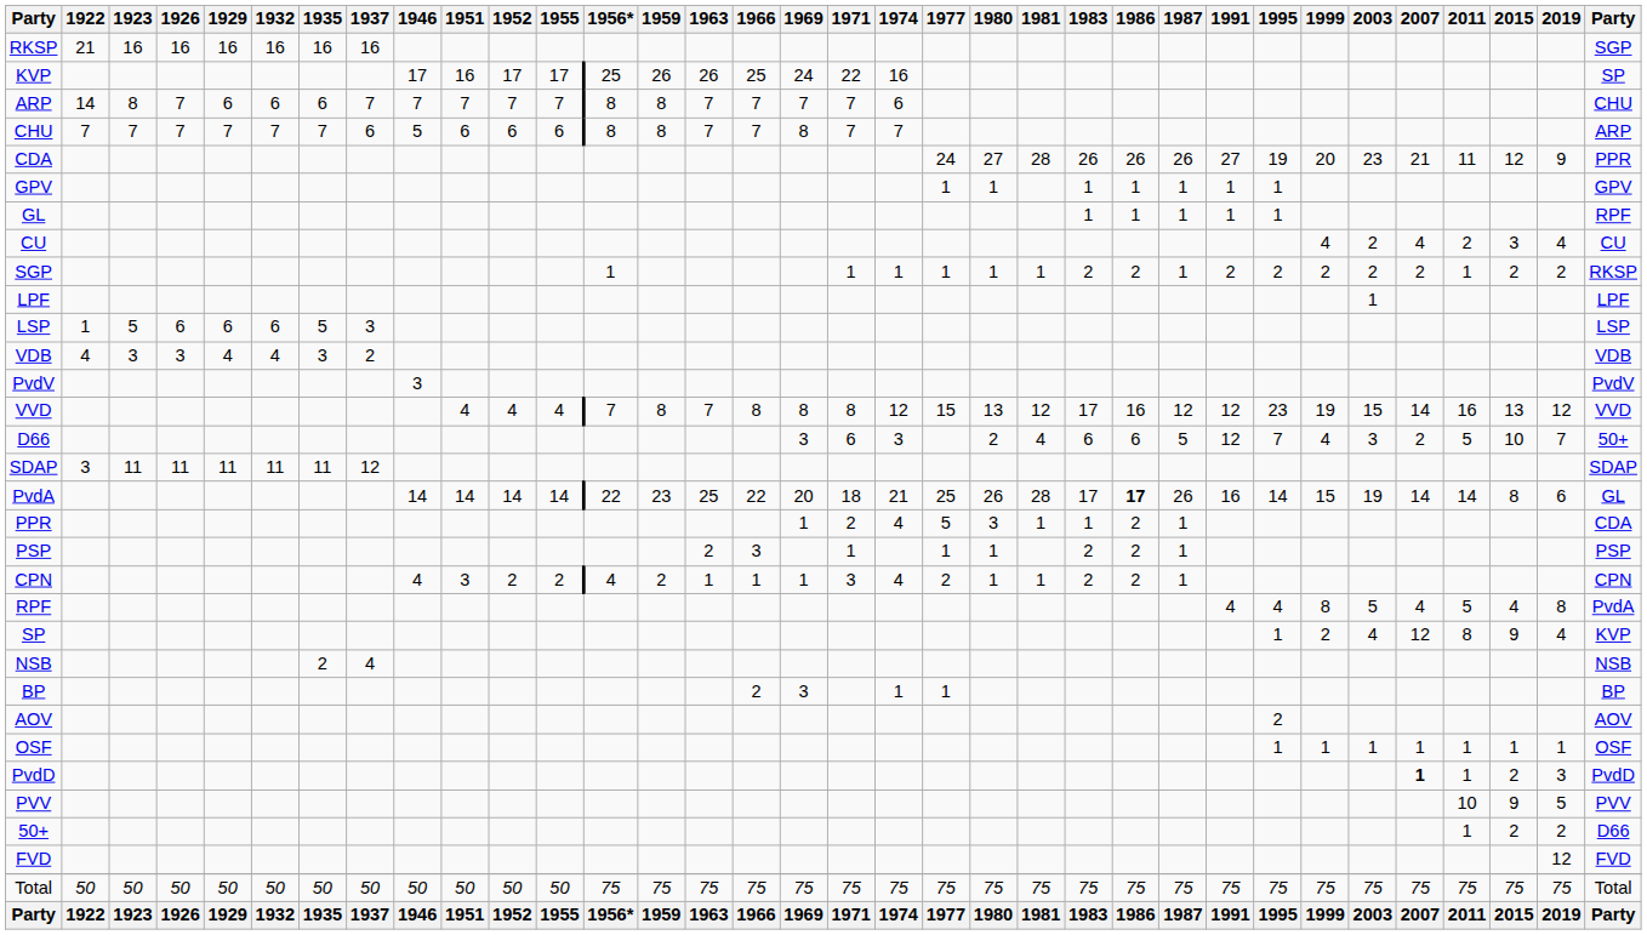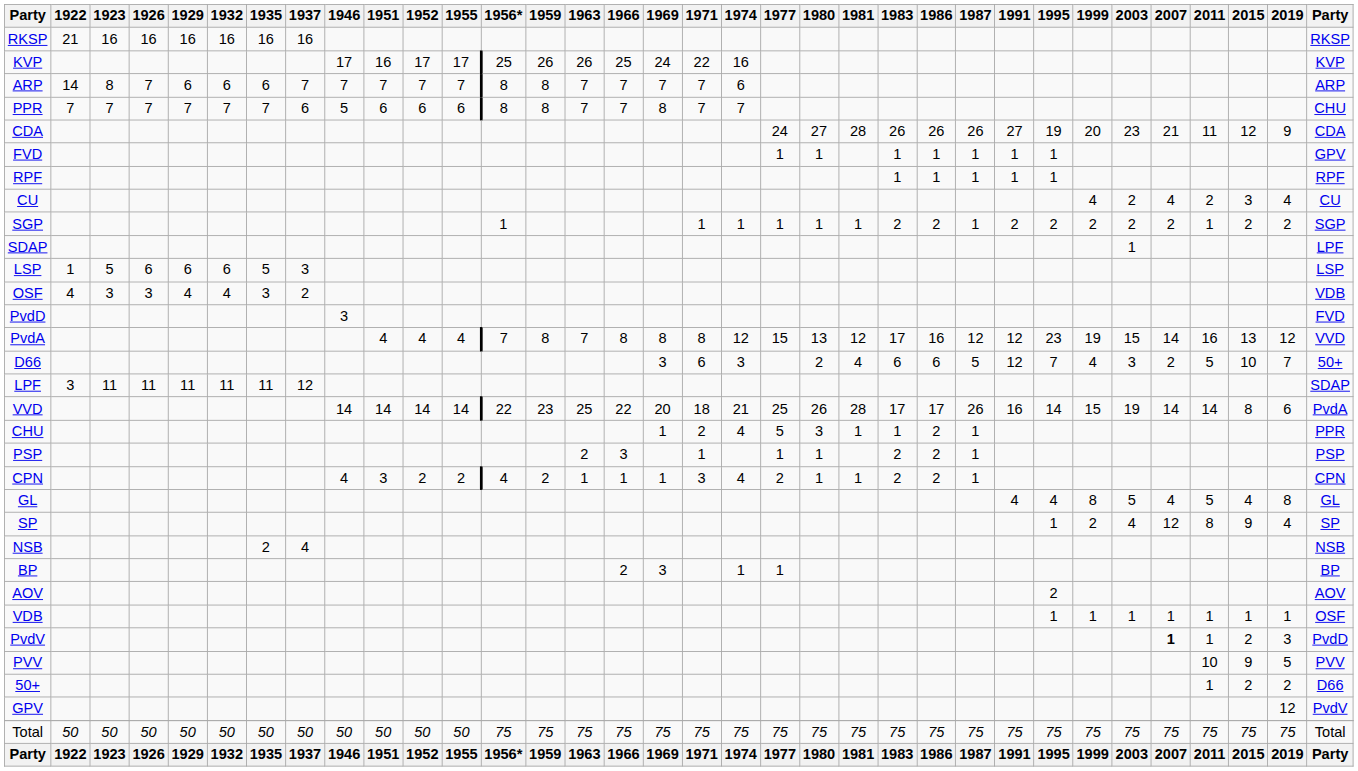 <table class="wikitable sortable">
 <tr>
 <th>Party</th>
 <th>1922</th>
 <th>1923</th>
 <th>1926</th>
 <th>1929</th>
 <th>1932</th>
 <th>1935</th>
 <th>1937</th>
 <th>1946</th>
 <th>1951</th>
 <th>1952</th>
 <th>1955</th>
 <th>1956*</th>
 <th>1959</th>
 <th>1963</th>
 <th>1966</th>
 <th>1969</th>
 <th>1971</th>
 <th>1974</th>
 <th>1977</th>
 <th>1980</th>
 <th>1981</th>
 <th>1983</th>
 <th>1986</th>
 <th>1987</th>
 <th>1991</th>
 <th>1995</th>
 <th>1999</th>
 <th>2003</th>
 <th>2007</th>
 <th>2011</th>
 <th>2015</th>
 <th>2019</th>
 <th>Party</th>
 </tr>
 <tr align="center">
 <td><a href='#'>RKSP</a></td>
 <td>21</td>
 <td>16</td>
 <td>16</td>
 <td>16</td>
 <td>16</td>
 <td>16</td>
 <td>16</td>
 <td></td>
 <td></td>
 <td></td>
 <td></td>
 <td></td>
 <td></td>
 <td></td>
 <td></td>
 <td></td>
 <td></td>
 <td></td>
 <td></td>
 <td></td>
 <td></td>
 <td></td>
 <td></td>
 <td></td>
 <td></td>
 <td></td>
 <td></td>
 <td></td>
 <td></td>
 <td></td>
 <td></td>
 <td></td>
-<td><a href='#'>SGP</a></td>
+<td><a href='#'>RKSP</a></td>
 </tr>
 <tr align="center">
 <td><a href='#'>KVP</a></td>
 <td></td>
 <td></td>
 <td></td>
 <td></td>
 <td></td>
 <td></td>
 <td></td>
 <td>17</td>
 <td>16</td>
 <td>17</td>
 <td>17</td>
 <td style="border-left:solid">25</td>
 <td>26</td>
 <td>26</td>
 <td>25</td>
 <td>24</td>
 <td>22</td>
 <td>16</td>
 <td></td>
 <td></td>
 <td></td>
 <td></td>
 <td></td>
 <td></td>
 <td></td>
 <td></td>
 <td></td>
 <td></td>
 <td></td>
 <td></td>
 <td></td>
 <td></td>
-<td><a href='#'>SP</a></td>
+<td><a href='#'>KVP</a></td>
 </tr>
 <tr align="center">
 <td><a href='#'>ARP</a></td>
 <td>14</td>
 <td>8</td>
 <td>7</td>
 <td>6</td>
 <td>6</td>
 <td>6</td>
 <td>7</td>
 <td>7</td>
 <td>7</td>
 <td>7</td>
 <td>7</td>
 <td style="border-left:solid">8</td>
 <td>8</td>
 <td>7</td>
 <td>7</td>
 <td>7</td>
 <td>7</td>
 <td>6</td>
 <td></td>
 <td></td>
 <td></td>
 <td></td>
 <td></td>
 <td></td>
 <td></td>
 <td></td>
 <td></td>
 <td></td>
 <td></td>
 <td></td>
 <td></td>
 <td></td>
-<td><a href='#'>CHU</a></td>
+<td><a href='#'>ARP</a></td>
 </tr>
 <tr align="center">
-<td><a href='#'>CHU</a></td>
+<td><a href='#'>PPR</a></td>
 <td>7</td>
 <td>7</td>
 <td>7</td>
 <td>7</td>
 <td>7</td>
 <td>7</td>
 <td>6</td>
 <td>5</td>
 <td>6</td>
 <td>6</td>
 <td>6</td>
 <td style="border-left:solid">8</td>
 <td>8</td>
 <td>7</td>
 <td>7</td>
 <td>8</td>
 <td>7</td>
 <td>7</td>
 <td></td>
 <td></td>
 <td></td>
 <td></td>
 <td></td>
 <td></td>
 <td></td>
 <td></td>
 <td></td>
 <td></td>
 <td></td>
 <td></td>
 <td></td>
 <td></td>
-<td><a href='#'>ARP</a></td>
+<td><a href='#'>CHU</a></td>
 </tr>
 <tr align="center">
 <td><a href='#'>CDA</a></td>
 <td></td>
 <td></td>
 <td></td>
 <td></td>
 <td></td>
 <td></td>
 <td></td>
 <td></td>
 <td></td>
 <td></td>
 <td></td>
 <td></td>
 <td></td>
 <td></td>
 <td></td>
 <td></td>
 <td></td>
 <td></td>
 <td>24</td>
 <td>27</td>
 <td>28</td>
 <td>26</td>
 <td>26</td>
 <td>26</td>
 <td>27</td>
 <td>19</td>
 <td>20</td>
 <td>23</td>
 <td>21</td>
 <td>11</td>
 <td>12</td>
 <td>9</td>
-<td><a href='#'>PPR</a></td>
+<td><a href='#'>CDA</a></td>
 </tr>
 <tr align="center">
-<td><a href='#'>GPV</a></td>
+<td><a href='#'>FVD</a></td>
 <td></td>
 <td></td>
 <td></td>
 <td></td>
 <td></td>
 <td></td>
 <td></td>
 <td></td>
 <td></td>
 <td></td>
 <td></td>
 <td></td>
 <td></td>
 <td></td>
 <td></td>
 <td></td>
 <td></td>
 <td></td>
 <td>1</td>
 <td>1</td>
 <td></td>
 <td>1</td>
 <td>1</td>
 <td>1</td>
 <td>1</td>
 <td>1</td>
 <td></td>
 <td></td>
 <td></td>
 <td></td>
 <td></td>
 <td></td>
 <td><a href='#'>GPV</a></td>
 </tr>
 <tr align="center">
-<td><a href='#'>GL</a></td>
+<td><a href='#'>RPF</a></td>
 <td></td>
 <td></td>
 <td></td>
 <td></td>
 <td></td>
 <td></td>
 <td></td>
 <td></td>
 <td></td>
 <td></td>
 <td></td>
 <td></td>
 <td></td>
 <td></td>
 <td></td>
 <td></td>
 <td></td>
 <td></td>
 <td></td>
 <td></td>
 <td></td>
 <td>1</td>
 <td>1</td>
 <td>1</td>
 <td>1</td>
 <td>1</td>
 <td></td>
 <td></td>
 <td></td>
 <td></td>
 <td></td>
 <td></td>
 <td><a href='#'>RPF</a></td>
 </tr>
 <tr align="center">
 <td><a href='#'>CU</a></td>
 <td></td>
 <td></td>
 <td></td>
 <td></td>
 <td></td>
 <td></td>
 <td></td>
 <td></td>
 <td></td>
 <td></td>
 <td></td>
 <td></td>
 <td></td>
 <td></td>
 <td></td>
 <td></td>
 <td></td>
 <td></td>
 <td></td>
 <td></td>
 <td></td>
 <td></td>
 <td></td>
 <td></td>
 <td></td>
 <td></td>
 <td>4</td>
 <td>2</td>
 <td>4</td>
 <td>2</td>
 <td>3</td>
 <td>4</td>
 <td><a href='#'>CU</a></td>
 </tr>
 <tr align="center">
 <td><a href='#'>SGP</a></td>
 <td></td>
 <td></td>
 <td></td>
 <td></td>
 <td></td>
 <td></td>
 <td></td>
 <td></td>
 <td></td>
 <td></td>
 <td></td>
 <td>1</td>
 <td></td>
 <td></td>
 <td></td>
 <td></td>
 <td>1</td>
 <td>1</td>
 <td>1</td>
 <td>1</td>
 <td>1</td>
 <td>2</td>
 <td>2</td>
 <td>1</td>
 <td>2</td>
 <td>2</td>
 <td>2</td>
 <td>2</td>
 <td>2</td>
 <td>1</td>
 <td>2</td>
 <td>2</td>
-<td><a href='#'>RKSP</a></td>
+<td><a href='#'>SGP</a></td>
 </tr>
 <tr align="center">
-<td><a href='#'>LPF</a></td>
+<td><a href='#'>SDAP</a></td>
 <td></td>
 <td></td>
 <td></td>
 <td></td>
 <td></td>
 <td></td>
 <td></td>
 <td></td>
 <td></td>
 <td></td>
 <td></td>
 <td></td>
 <td></td>
 <td></td>
 <td></td>
 <td></td>
 <td></td>
 <td></td>
 <td></td>
 <td></td>
 <td></td>
 <td></td>
 <td></td>
 <td></td>
 <td></td>
 <td></td>
 <td></td>
 <td>1</td>
 <td></td>
 <td></td>
 <td></td>
 <td></td>
 <td><a href='#'>LPF</a></td>
 </tr>
 <tr align="center">
 <td><a href='#'>LSP</a></td>
 <td>1</td>
 <td>5</td>
 <td>6</td>
 <td>6</td>
 <td>6</td>
 <td>5</td>
 <td>3</td>
 <td></td>
 <td></td>
 <td></td>
 <td></td>
 <td></td>
 <td></td>
 <td></td>
 <td></td>
 <td></td>
 <td></td>
 <td></td>
 <td></td>
 <td></td>
 <td></td>
 <td></td>
 <td></td>
 <td></td>
 <td></td>
 <td></td>
 <td></td>
 <td></td>
 <td></td>
 <td></td>
 <td></td>
 <td></td>
 <td><a href='#'>LSP</a></td>
 </tr>
 <tr align="center">
-<td><a href='#'>VDB</a></td>
+<td><a href='#'>OSF</a></td>
 <td>4</td>
 <td>3</td>
 <td>3</td>
 <td>4</td>
 <td>4</td>
 <td>3</td>
 <td>2</td>
 <td></td>
 <td></td>
 <td></td>
 <td></td>
 <td></td>
 <td></td>
 <td></td>
 <td></td>
 <td></td>
 <td></td>
 <td></td>
 <td></td>
 <td></td>
 <td></td>
 <td></td>
 <td></td>
 <td></td>
 <td></td>
 <td></td>
 <td></td>
 <td></td>
 <td></td>
 <td></td>
 <td></td>
 <td></td>
 <td><a href='#'>VDB</a></td>
 </tr>
 <tr align="center">
-<td><a href='#'>PvdV</a></td>
+<td><a href='#'>PvdD</a></td>
 <td></td>
 <td></td>
 <td></td>
 <td></td>
 <td></td>
 <td></td>
 <td></td>
 <td>3</td>
 <td></td>
 <td></td>
 <td></td>
 <td></td>
 <td></td>
 <td></td>
 <td></td>
 <td></td>
 <td></td>
 <td></td>
 <td></td>
 <td></td>
 <td></td>
 <td></td>
 <td></td>
 <td></td>
 <td></td>
 <td></td>
 <td></td>
 <td></td>
 <td></td>
 <td></td>
 <td></td>
 <td></td>
-<td><a href='#'>PvdV</a></td>
+<td><a href='#'>FVD</a></td>
 </tr>
 <tr align="center">
-<td><a href='#'>VVD</a></td>
+<td><a href='#'>PvdA</a></td>
 <td></td>
 <td></td>
 <td></td>
 <td></td>
 <td></td>
 <td></td>
 <td></td>
 <td></td>
 <td>4</td>
 <td>4</td>
 <td>4</td>
 <td style="border-left:solid">7</td>
 <td>8</td>
 <td>7</td>
 <td>8</td>
 <td>8</td>
 <td>8</td>
 <td>12</td>
 <td>15</td>
 <td>13</td>
 <td>12</td>
 <td>17</td>
 <td>16</td>
 <td>12</td>
 <td>12</td>
 <td>23</td>
 <td>19</td>
 <td>15</td>
 <td>14</td>
 <td>16</td>
 <td>13</td>
 <td>12</td>
 <td><a href='#'>VVD</a></td>
 </tr>
 <tr align="center">
 <td><a href='#'>D66</a></td>
 <td></td>
 <td></td>
 <td></td>
 <td></td>
 <td></td>
 <td></td>
 <td></td>
 <td></td>
 <td></td>
 <td></td>
 <td></td>
 <td></td>
 <td></td>
 <td></td>
 <td></td>
 <td>3</td>
 <td>6</td>
 <td>3</td>
 <td></td>
 <td>2</td>
 <td>4</td>
 <td>6</td>
 <td>6</td>
 <td>5</td>
 <td>12</td>
 <td>7</td>
 <td>4</td>
 <td>3</td>
 <td>2</td>
 <td>5</td>
 <td>10</td>
 <td>7</td>
 <td><a href='#'>50+</a></td>
 </tr>
 <tr align="center">
-<td><a href='#'>SDAP</a></td>
+<td><a href='#'>LPF</a></td>
 <td>3</td>
 <td>11</td>
 <td>11</td>
 <td>11</td>
 <td>11</td>
 <td>11</td>
 <td>12</td>
 <td></td>
 <td></td>
 <td></td>
 <td></td>
 <td></td>
 <td></td>
 <td></td>
 <td></td>
 <td></td>
 <td></td>
 <td></td>
 <td></td>
 <td></td>
 <td></td>
 <td></td>
 <td></td>
 <td></td>
 <td></td>
 <td></td>
 <td></td>
 <td></td>
 <td></td>
 <td></td>
 <td></td>
 <td></td>
 <td><a href='#'>SDAP</a></td>
 </tr>
 <tr align="center">
-<td><a href='#'>PvdA</a></td>
+<td><a href='#'>VVD</a></td>
 <td></td>
 <td></td>
 <td></td>
 <td></td>
 <td></td>
 <td></td>
 <td></td>
 <td>14</td>
 <td>14</td>
 <td>14</td>
 <td>14</td>
 <td style="border-left:solid">22</td>
 <td>23</td>
 <td>25</td>
 <td>22</td>
 <td>20</td>
 <td>18</td>
 <td>21</td>
 <td>25</td>
 <td>26</td>
 <td>28</td>
 <td>17</td>
-<td><strong>17</strong></td>
+<td>17</td>
 <td>26</td>
 <td>16</td>
 <td>14</td>
 <td>15</td>
 <td>19</td>
 <td>14</td>
 <td>14</td>
 <td>8</td>
 <td>6</td>
-<td><a href='#'>GL</a></td>
+<td><a href='#'>PvdA</a></td>
 </tr>
 <tr align="center">
-<td><a href='#'>PPR</a></td>
+<td><a href='#'>CHU</a></td>
 <td></td>
 <td></td>
 <td></td>
 <td></td>
 <td></td>
 <td></td>
 <td></td>
 <td></td>
 <td></td>
 <td></td>
 <td></td>
 <td></td>
 <td></td>
 <td></td>
 <td></td>
 <td>1</td>
 <td>2</td>
 <td>4</td>
 <td>5</td>
 <td>3</td>
 <td>1</td>
 <td>1</td>
 <td>2</td>
 <td>1</td>
 <td></td>
 <td></td>
 <td></td>
 <td></td>
 <td></td>
 <td></td>
 <td></td>
 <td></td>
-<td><a href='#'>CDA</a></td>
+<td><a href='#'>PPR</a></td>
 </tr>
 <tr align="center">
 <td><a href='#'>PSP</a></td>
 <td></td>
 <td></td>
 <td></td>
 <td></td>
 <td></td>
 <td></td>
 <td></td>
 <td></td>
 <td></td>
 <td></td>
 <td></td>
 <td></td>
 <td></td>
 <td>2</td>
 <td>3</td>
 <td></td>
 <td>1</td>
 <td></td>
 <td>1</td>
 <td>1</td>
 <td></td>
 <td>2</td>
 <td>2</td>
 <td>1</td>
 <td></td>
 <td></td>
 <td></td>
 <td></td>
 <td></td>
 <td></td>
 <td></td>
 <td></td>
 <td><a href='#'>PSP</a></td>
 </tr>
 <tr align="center">
 <td><a href='#'>CPN</a></td>
 <td></td>
 <td></td>
 <td></td>
 <td></td>
 <td></td>
 <td></td>
 <td></td>
 <td>4</td>
 <td>3</td>
 <td>2</td>
 <td>2</td>
 <td style="border-left:solid">4</td>
 <td>2</td>
 <td>1</td>
 <td>1</td>
 <td>1</td>
 <td>3</td>
 <td>4</td>
 <td>2</td>
 <td>1</td>
 <td>1</td>
 <td>2</td>
 <td>2</td>
 <td>1</td>
 <td></td>
 <td></td>
 <td></td>
 <td></td>
 <td></td>
 <td></td>
 <td></td>
 <td></td>
 <td><a href='#'>CPN</a></td>
 </tr>
 <tr align="center">
-<td><a href='#'>RPF</a></td>
+<td><a href='#'>GL</a></td>
 <td></td>
 <td></td>
 <td></td>
 <td></td>
 <td></td>
 <td></td>
 <td></td>
 <td></td>
 <td></td>
 <td></td>
 <td></td>
 <td></td>
 <td></td>
 <td></td>
 <td></td>
 <td></td>
 <td></td>
 <td></td>
 <td></td>
 <td></td>
 <td></td>
 <td></td>
 <td></td>
 <td></td>
 <td>4</td>
 <td>4</td>
 <td>8</td>
 <td>5</td>
 <td>4</td>
 <td>5</td>
 <td>4</td>
 <td>8</td>
-<td><a href='#'>PvdA</a></td>
+<td><a href='#'>GL</a></td>
 </tr>
 <tr align="center">
 <td><a href='#'>SP</a></td>
 <td></td>
 <td></td>
 <td></td>
 <td></td>
 <td></td>
 <td></td>
 <td></td>
 <td></td>
 <td></td>
 <td></td>
 <td></td>
 <td></td>
 <td></td>
 <td></td>
 <td></td>
 <td></td>
 <td></td>
 <td></td>
 <td></td>
 <td></td>
 <td></td>
 <td></td>
 <td></td>
 <td></td>
 <td></td>
 <td>1</td>
 <td>2</td>
 <td>4</td>
 <td>12</td>
 <td>8</td>
 <td>9</td>
 <td>4</td>
-<td><a href='#'>KVP</a></td>
+<td><a href='#'>SP</a></td>
 </tr>
 <tr align="center">
 <td><a href='#'>NSB</a></td>
 <td></td>
 <td></td>
 <td></td>
 <td></td>
 <td></td>
 <td>2</td>
 <td>4</td>
 <td></td>
 <td></td>
 <td></td>
 <td></td>
 <td></td>
 <td></td>
 <td></td>
 <td></td>
 <td></td>
 <td></td>
 <td></td>
 <td></td>
 <td></td>
 <td></td>
 <td></td>
 <td></td>
 <td></td>
 <td></td>
 <td></td>
 <td></td>
 <td></td>
 <td></td>
 <td></td>
 <td></td>
 <td></td>
 <td><a href='#'>NSB</a></td>
 </tr>
 <tr align="center">
 <td><a href='#'>BP</a></td>
 <td></td>
 <td></td>
 <td></td>
 <td></td>
 <td></td>
 <td></td>
 <td></td>
 <td></td>
 <td></td>
 <td></td>
 <td></td>
 <td></td>
 <td></td>
 <td></td>
 <td>2</td>
 <td>3</td>
 <td></td>
 <td>1</td>
 <td>1</td>
 <td></td>
 <td></td>
 <td></td>
 <td></td>
 <td></td>
 <td></td>
 <td></td>
 <td></td>
 <td></td>
 <td></td>
 <td></td>
 <td></td>
 <td></td>
 <td><a href='#'>BP</a></td>
 </tr>
 <tr align="center">
 <td><a href='#'>AOV</a></td>
 <td></td>
 <td></td>
 <td></td>
 <td></td>
 <td></td>
 <td></td>
 <td></td>
 <td></td>
 <td></td>
 <td></td>
 <td></td>
 <td></td>
 <td></td>
 <td></td>
 <td></td>
 <td></td>
 <td></td>
 <td></td>
 <td></td>
 <td></td>
 <td></td>
 <td></td>
 <td></td>
 <td></td>
 <td></td>
 <td>2</td>
 <td></td>
 <td></td>
 <td></td>
 <td></td>
 <td></td>
 <td></td>
 <td><a href='#'>AOV</a></td>
 </tr>
 <tr align="center">
-<td><a href='#'>OSF</a></td>
+<td><a href='#'>VDB</a></td>
 <td></td>
 <td></td>
 <td></td>
 <td></td>
 <td></td>
 <td></td>
 <td></td>
 <td></td>
 <td></td>
 <td></td>
 <td></td>
 <td></td>
 <td></td>
 <td></td>
 <td></td>
 <td></td>
 <td></td>
 <td></td>
 <td></td>
 <td></td>
 <td></td>
 <td></td>
 <td></td>
 <td></td>
 <td></td>
 <td>1</td>
 <td>1</td>
 <td>1</td>
 <td>1</td>
 <td>1</td>
 <td>1</td>
 <td>1</td>
 <td><a href='#'>OSF</a></td>
 </tr>
 <tr align="center">
-<td><a href='#'>PvdD</a></td>
+<td><a href='#'>PvdV</a></td>
 <td></td>
 <td></td>
 <td></td>
 <td></td>
 <td></td>
 <td></td>
 <td></td>
 <td></td>
 <td></td>
 <td></td>
 <td></td>
 <td></td>
 <td></td>
 <td></td>
 <td></td>
 <td></td>
 <td></td>
 <td></td>
 <td></td>
 <td></td>
 <td></td>
 <td></td>
 <td></td>
 <td></td>
 <td></td>
 <td></td>
 <td></td>
 <td></td>
 <td><strong>1</strong></td>
 <td>1</td>
 <td>2</td>
 <td>3</td>
 <td><a href='#'>PvdD</a></td>
 </tr>
 <tr align="center">
 <td><a href='#'>PVV</a></td>
 <td></td>
 <td></td>
 <td></td>
 <td></td>
 <td></td>
 <td></td>
 <td></td>
 <td></td>
 <td></td>
 <td></td>
 <td></td>
 <td></td>
 <td></td>
 <td></td>
 <td></td>
 <td></td>
 <td></td>
 <td></td>
 <td></td>
 <td></td>
 <td></td>
 <td></td>
 <td></td>
 <td></td>
 <td></td>
 <td></td>
 <td></td>
 <td></td>
 <td></td>
 <td>10</td>
 <td>9</td>
 <td>5</td>
 <td><a href='#'>PVV</a></td>
 </tr>
 <tr align="center">
 <td><a href='#'>50+</a></td>
 <td></td>
 <td></td>
 <td></td>
 <td></td>
 <td></td>
 <td></td>
 <td></td>
 <td></td>
 <td></td>
 <td></td>
 <td></td>
 <td></td>
 <td></td>
 <td></td>
 <td></td>
 <td></td>
 <td></td>
 <td></td>
 <td></td>
 <td></td>
 <td></td>
 <td></td>
 <td></td>
 <td></td>
 <td></td>
 <td></td>
 <td></td>
 <td></td>
 <td></td>
 <td>1</td>
 <td>2</td>
 <td>2</td>
 <td><a href='#'>D66</a></td>
 </tr>
 <tr align="center">
-<td><a href='#'>FVD</a></td>
+<td><a href='#'>GPV</a></td>
 <td></td>
 <td></td>
 <td></td>
 <td></td>
 <td></td>
 <td></td>
 <td></td>
 <td></td>
 <td></td>
 <td></td>
 <td></td>
 <td></td>
 <td></td>
 <td></td>
 <td></td>
 <td></td>
 <td></td>
 <td></td>
 <td></td>
 <td></td>
 <td></td>
 <td></td>
 <td></td>
 <td></td>
 <td></td>
 <td></td>
 <td></td>
 <td></td>
 <td></td>
 <td></td>
 <td></td>
 <td>12</td>
-<td><a href='#'>FVD</a></td>
+<td><a href='#'>PvdV</a></td>
 </tr>
 <tr>
 </tr>
 <tr align="center">
 <td>Total</td>
 <td><em>50</em></td>
 <td><em>50</em></td>
 <td><em>50</em></td>
 <td><em>50</em></td>
 <td><em>50</em></td>
 <td><em>50</em></td>
 <td><em>50</em></td>
 <td><em>50</em></td>
 <td><em>50</em></td>
 <td><em>50</em></td>
 <td><em>50</em></td>
 <td><em>75</em></td>
 <td><em>75</em></td>
 <td><em>75</em></td>
 <td><em>75</em></td>
 <td><em>75</em></td>
 <td><em>75</em></td>
 <td><em>75</em></td>
 <td><em>75</em></td>
 <td><em>75</em></td>
 <td><em>75</em></td>
 <td><em>75</em></td>
 <td><em>75</em></td>
 <td><em>75</em></td>
 <td><em>75</em></td>
 <td><em>75</em></td>
 <td><em>75</em></td>
 <td><em>75</em></td>
 <td><em>75</em></td>
 <td><em>75</em></td>
 <td><em>75</em></td>
 <td><em>75</em></td>
 <td>Total</td>
 </tr>
 <tr>
 <th>Party</th>
 <th>1922</th>
 <th>1923</th>
 <th>1926</th>
 <th>1929</th>
 <th>1932</th>
 <th>1935</th>
 <th>1937</th>
 <th>1946</th>
 <th>1951</th>
 <th>1952</th>
 <th>1955</th>
 <th>1956*</th>
 <th>1959</th>
 <th>1963</th>
 <th>1966</th>
 <th>1969</th>
 <th>1971</th>
 <th>1974</th>
 <th>1977</th>
 <th>1980</th>
 <th>1981</th>
 <th>1983</th>
 <th>1986</th>
 <th>1987</th>
 <th>1991</th>
 <th>1995</th>
 <th>1999</th>
 <th>2003</th>
 <th>2007</th>
 <th>2011</th>
 <th>2015</th>
 <th>2019</th>
 <th>Party</th>
 </tr>
 </table>
